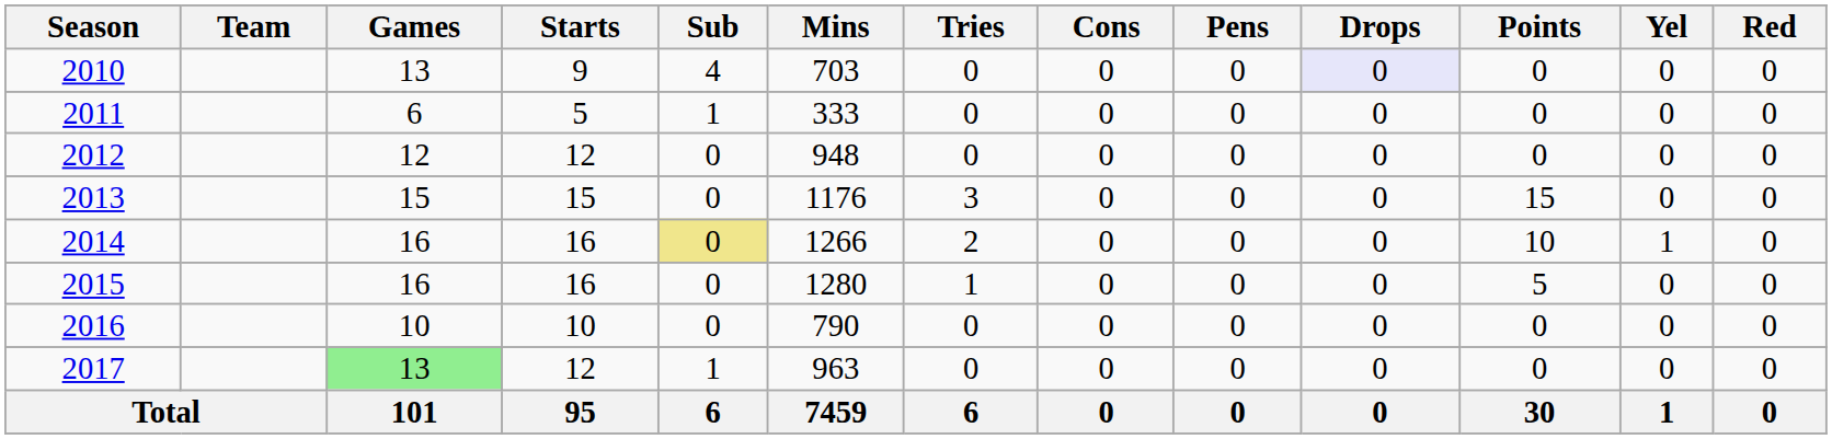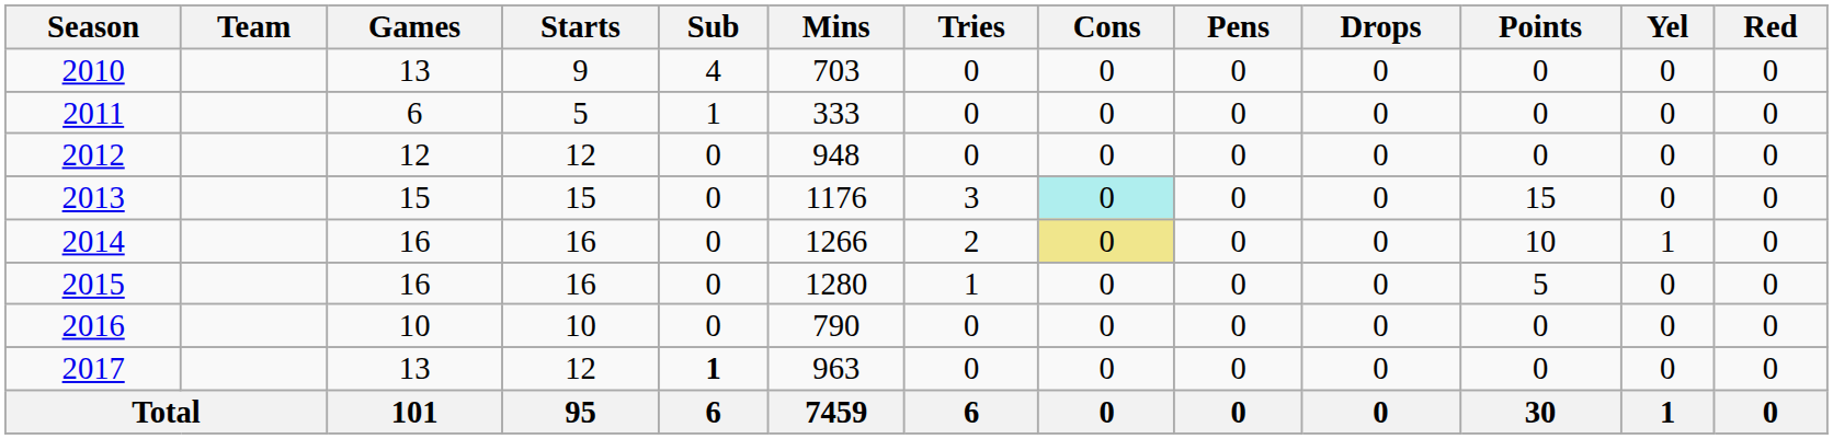 <table class="wikitable" style="text-align:center; line-height:90%; font-size:95%; width:70%;">
 <tr>
 <th>Season</th>
 <th>Team</th>
 <th>Games</th>
 <th>Starts</th>
 <th>Sub</th>
 <th>Mins</th>
 <th>Tries</th>
 <th>Cons</th>
 <th>Pens</th>
 <th>Drops</th>
 <th>Points</th>
 <th>Yel</th>
 <th>Red</th>
 </tr>
 <tr>
 <td><a href='#'>2010</a></td>
 <td></td>
 <td>13</td>
 <td>9</td>
 <td>4</td>
 <td>703</td>
 <td>0</td>
 <td>0</td>
 <td>0</td>
-<td style="background: lavender;">0</td>
+<td>0</td>
 <td>0</td>
 <td>0</td>
 <td>0</td>
 </tr>
 <tr>
 <td><a href='#'>2011</a></td>
 <td></td>
 <td>6</td>
 <td>5</td>
 <td>1</td>
 <td>333</td>
 <td>0</td>
 <td>0</td>
 <td>0</td>
 <td>0</td>
 <td>0</td>
 <td>0</td>
 <td>0</td>
 </tr>
 <tr>
 <td><a href='#'>2012</a></td>
 <td></td>
 <td>12</td>
 <td>12</td>
 <td>0</td>
 <td>948</td>
 <td>0</td>
 <td>0</td>
 <td>0</td>
 <td>0</td>
 <td>0</td>
 <td>0</td>
 <td>0</td>
 </tr>
 <tr>
 <td><a href='#'>2013</a></td>
 <td></td>
 <td>15</td>
 <td>15</td>
 <td>0</td>
 <td>1176</td>
 <td>3</td>
-<td>0</td>
+<td style="background: paleturquoise;">0</td>
 <td>0</td>
 <td>0</td>
 <td>15</td>
 <td>0</td>
 <td>0</td>
 </tr>
 <tr>
 <td><a href='#'>2014</a></td>
 <td></td>
 <td>16</td>
 <td>16</td>
-<td style="background: khaki;">0</td>
+<td>0</td>
 <td>1266</td>
 <td>2</td>
-<td>0</td>
+<td style="background: khaki;">0</td>
 <td>0</td>
 <td>0</td>
 <td>10</td>
 <td>1</td>
 <td>0</td>
 </tr>
 <tr>
 <td><a href='#'>2015</a></td>
 <td></td>
 <td>16</td>
 <td>16</td>
 <td>0</td>
 <td>1280</td>
 <td>1</td>
 <td>0</td>
 <td>0</td>
 <td>0</td>
 <td>5</td>
 <td>0</td>
 <td>0</td>
 </tr>
 <tr>
 <td><a href='#'>2016</a></td>
 <td></td>
 <td>10</td>
 <td>10</td>
 <td>0</td>
 <td>790</td>
 <td>0</td>
 <td>0</td>
 <td>0</td>
 <td>0</td>
 <td>0</td>
 <td>0</td>
 <td>0</td>
 </tr>
 <tr>
 <td><a href='#'>2017</a></td>
 <td></td>
-<td style="background: lightgreen;">13</td>
+<td>13</td>
 <td>12</td>
-<td>1</td>
+<td><strong>1</strong></td>
 <td>963</td>
 <td>0</td>
 <td>0</td>
 <td>0</td>
 <td>0</td>
 <td>0</td>
 <td>0</td>
 <td>0</td>
 </tr>
 <tr>
 <th colspan="2">Total</th>
 <th>101</th>
 <th>95</th>
 <th>6</th>
 <th>7459</th>
 <th>6</th>
 <th>0</th>
 <th>0</th>
 <th>0</th>
 <th>30</th>
 <th>1</th>
 <th>0</th>
 </tr>
 </table>
